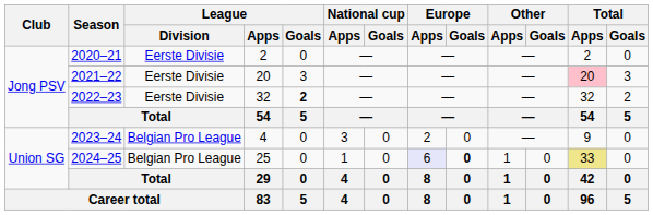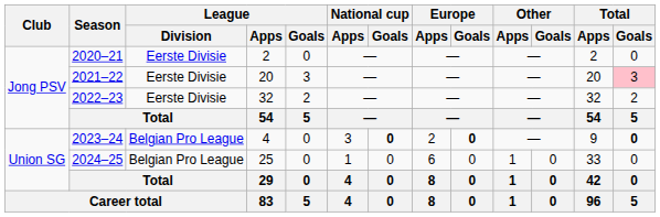 <table class=wikitable style="text-align: center">
 <tr>
 <th rowspan="2">Club</th>
 <th rowspan="2">Season</th>
 <th colspan="3">League</th>
 <th colspan="2">National cup</th>
 <th colspan="2">Europe</th>
 <th colspan="2">Other</th>
 <th colspan="2">Total</th>
 </tr>
 <tr>
 <th>Division</th>
 <th>Apps</th>
 <th>Goals</th>
 <th>Apps</th>
 <th>Goals</th>
 <th>Apps</th>
 <th>Goals</th>
 <th>Apps</th>
 <th>Goals</th>
 <th>Apps</th>
 <th>Goals</th>
 </tr>
 <tr>
 <td rowspan="4"><a href='#'>Jong PSV</a></td>
 <td><a href='#'>2020–21</a></td>
 <td><a href='#'>Eerste Divisie</a></td>
 <td>2</td>
 <td>0</td>
 <td colspan="2">—</td>
 <td colspan="2">—</td>
 <td colspan="2">—</td>
 <td>2</td>
 <td>0</td>
 </tr>
 <tr>
 <td><a href='#'>2021–22</a></td>
 <td>Eerste Divisie</td>
 <td>20</td>
 <td>3</td>
 <td colspan="2">—</td>
 <td colspan="2">—</td>
 <td colspan="2">—</td>
-<td style="background: pink;">20</td>
-<td>3</td>
+<td>20</td>
+<td style="background: pink;">3</td>
 </tr>
 <tr>
 <td><a href='#'>2022–23</a></td>
 <td>Eerste Divisie</td>
 <td>32</td>
-<td><strong>2</strong></td>
+<td>2</td>
 <td colspan="2">—</td>
 <td colspan="2">—</td>
 <td colspan="2">—</td>
 <td>32</td>
 <td>2</td>
 </tr>
 <tr>
 <th colspan="2">Total</th>
 <th>54</th>
 <th>5</th>
 <th colspan="2">—</th>
 <th colspan="2">—</th>
 <th colspan="2">—</th>
 <th>54</th>
 <th>5</th>
 </tr>
 <tr>
 <td rowspan="3"><a href='#'>Union SG</a></td>
 <td><a href='#'>2023–24</a></td>
 <td><a href='#'>Belgian Pro League</a></td>
 <td>4</td>
 <td>0</td>
 <td>3</td>
-<td>0</td>
+<td><strong>0</strong></td>
 <td>2</td>
-<td>0</td>
+<td><strong>0</strong></td>
 <td colspan="2">—</td>
 <td>9</td>
-<td>0</td>
+<td><strong>0</strong></td>
 </tr>
 <tr>
 <td><a href='#'>2024–25</a></td>
 <td>Belgian Pro League</td>
 <td>25</td>
 <td>0</td>
 <td>1</td>
 <td>0</td>
-<td style="background: lavender;">6</td>
-<td><strong>0</strong></td>
+<td>6</td>
+<td>0</td>
 <td>1</td>
 <td>0</td>
-<td style="background: khaki;">33</td>
+<td>33</td>
 <td>0</td>
 </tr>
 <tr>
 <th colspan="2">Total</th>
 <th>29</th>
 <th>0</th>
 <th>4</th>
 <th>0</th>
 <th>8</th>
 <th>0</th>
 <th>1</th>
 <th>0</th>
 <th>42</th>
 <th>0</th>
 </tr>
 <tr>
 <th colspan="3">Career total</th>
 <th>83</th>
 <th>5</th>
 <th>4</th>
 <th>0</th>
 <th>8</th>
 <th>0</th>
 <th>1</th>
 <th>0</th>
 <th>96</th>
 <th>5</th>
 </tr>
 </table>
